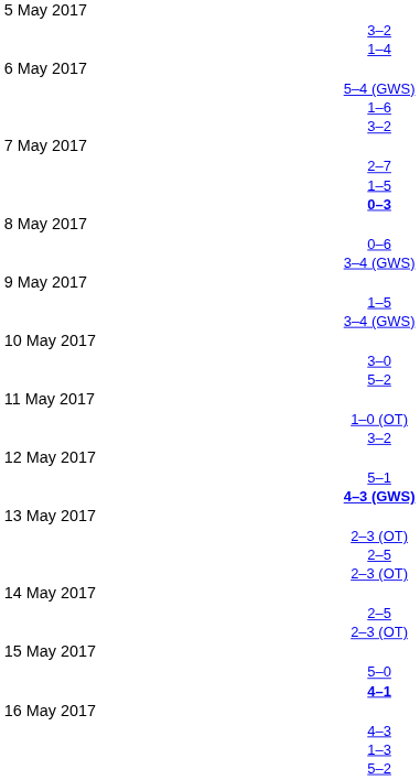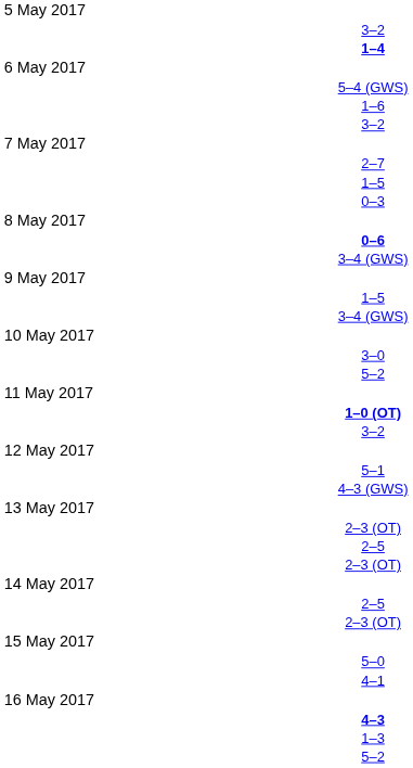 <table style="width:100%;" cellspacing="1">
 <tr>
 <th width=25%></th>
 <th width=2%></th>
 <th width=6%></th>
 <th width=2%></th>
 <th width=25%></th>
 </tr>
 <tr>
 <td>5 May 2017</td>
 </tr>
 <tr style=font-size:90%>
 <td align=right></td>
 <td></td>
 <td align=center><a href='#'>3–2</a></td>
 <td></td>
 <td></td>
 <td></td>
 </tr>
 <tr style=font-size:90%>
 <td align=right></td>
 <td></td>
-<td align=center><a href='#'>1–4</a></td>
+<td align=center><strong><a href='#'>1–4</a></strong></td>
 <td></td>
 <td></td>
 <td></td>
 </tr>
 <tr>
 <td>6 May 2017</td>
 </tr>
 <tr style=font-size:90%>
 <td align=right></td>
 <td></td>
 <td align=center><a href='#'>5–4 (GWS)</a></td>
 <td></td>
 <td></td>
 <td></td>
 </tr>
 <tr style=font-size:90%>
 <td align=right></td>
 <td></td>
 <td align=center><a href='#'>1–6</a></td>
 <td></td>
 <td></td>
 <td></td>
 </tr>
 <tr style=font-size:90%>
 <td align=right></td>
 <td></td>
 <td align=center><a href='#'>3–2</a></td>
 <td></td>
 <td></td>
 <td></td>
 </tr>
 <tr>
 <td>7 May 2017</td>
 </tr>
 <tr style=font-size:90%>
 <td align=right></td>
 <td></td>
 <td align=center><a href='#'>2–7</a></td>
 <td></td>
 <td></td>
 <td></td>
 </tr>
 <tr style=font-size:90%>
 <td align=right></td>
 <td></td>
 <td align=center><a href='#'>1–5</a></td>
 <td></td>
 <td></td>
 <td></td>
 </tr>
 <tr style=font-size:90%>
 <td align=right></td>
 <td></td>
-<td align=center><strong><a href='#'>0–3</a></strong></td>
+<td align=center><a href='#'>0–3</a></td>
 <td></td>
 <td></td>
 <td></td>
 </tr>
 <tr>
 <td>8 May 2017</td>
 </tr>
 <tr style=font-size:90%>
 <td align=right></td>
 <td></td>
-<td align=center><a href='#'>0–6</a></td>
+<td align=center><strong><a href='#'>0–6</a></strong></td>
 <td></td>
 <td></td>
 <td></td>
 </tr>
 <tr style=font-size:90%>
 <td align=right></td>
 <td></td>
 <td align=center><a href='#'>3–4 (GWS)</a></td>
 <td></td>
 <td></td>
 <td></td>
 </tr>
 <tr>
 <td>9 May 2017</td>
 </tr>
 <tr style=font-size:90%>
 <td align=right></td>
 <td></td>
 <td align=center><a href='#'>1–5</a></td>
 <td></td>
 <td></td>
 <td></td>
 </tr>
 <tr style=font-size:90%>
 <td align=right></td>
 <td></td>
 <td align=center><a href='#'>3–4 (GWS)</a></td>
 <td></td>
 <td></td>
 <td></td>
 </tr>
 <tr>
 <td>10 May 2017</td>
 </tr>
 <tr style=font-size:90%>
 <td align=right></td>
 <td></td>
 <td align=center><a href='#'>3–0</a></td>
 <td></td>
 <td></td>
 <td></td>
 </tr>
 <tr style=font-size:90%>
 <td align=right></td>
 <td></td>
 <td align=center><a href='#'>5–2</a></td>
 <td></td>
 <td></td>
 <td></td>
 </tr>
 <tr>
 <td>11 May 2017</td>
 </tr>
 <tr style=font-size:90%>
 <td align=right></td>
 <td></td>
-<td align=center><a href='#'>1–0 (OT)</a></td>
+<td align=center><strong><a href='#'>1–0 (OT)</a></strong></td>
 <td></td>
 <td></td>
 <td></td>
 </tr>
 <tr style=font-size:90%>
 <td align=right></td>
 <td></td>
 <td align=center><a href='#'>3–2</a></td>
 <td></td>
 <td></td>
 <td></td>
 </tr>
 <tr>
 <td>12 May 2017</td>
 </tr>
 <tr style=font-size:90%>
 <td align=right></td>
 <td></td>
 <td align=center><a href='#'>5–1</a></td>
 <td></td>
 <td></td>
 <td></td>
 </tr>
 <tr style=font-size:90%>
 <td align=right></td>
 <td></td>
-<td align=center><strong><a href='#'>4–3 (GWS)</a></strong></td>
+<td align=center><a href='#'>4–3 (GWS)</a></td>
 <td></td>
 <td></td>
 <td></td>
 </tr>
 <tr>
 <td>13 May 2017</td>
 </tr>
 <tr style=font-size:90%>
 <td align=right></td>
 <td></td>
 <td align=center><a href='#'>2–3 (OT)</a></td>
 <td></td>
 <td></td>
 <td></td>
 </tr>
 <tr style=font-size:90%>
 <td align=right></td>
 <td></td>
 <td align=center><a href='#'>2–5</a></td>
 <td></td>
 <td></td>
 <td></td>
 </tr>
 <tr style=font-size:90%>
 <td align=right></td>
 <td></td>
 <td align=center><a href='#'>2–3 (OT)</a></td>
 <td></td>
 <td></td>
 <td></td>
 </tr>
 <tr>
 <td>14 May 2017</td>
 </tr>
 <tr style=font-size:90%>
 <td align=right></td>
 <td></td>
 <td align=center><a href='#'>2–5</a></td>
 <td></td>
 <td></td>
 <td></td>
 </tr>
 <tr style=font-size:90%>
 <td align=right></td>
 <td></td>
 <td align=center><a href='#'>2–3 (OT)</a></td>
 <td></td>
 <td></td>
 <td></td>
 </tr>
 <tr>
 <td>15 May 2017</td>
 </tr>
 <tr style=font-size:90%>
 <td align=right></td>
 <td></td>
 <td align=center><a href='#'>5–0</a></td>
 <td></td>
 <td></td>
 <td></td>
 </tr>
 <tr style=font-size:90%>
 <td align=right></td>
 <td></td>
-<td align=center><strong><a href='#'>4–1</a></strong></td>
+<td align=center><a href='#'>4–1</a></td>
 <td></td>
 <td></td>
 <td></td>
 </tr>
 <tr>
 <td>16 May 2017</td>
 </tr>
 <tr style=font-size:90%>
 <td align=right></td>
 <td></td>
-<td align=center><a href='#'>4–3</a></td>
+<td align=center><strong><a href='#'>4–3</a></strong></td>
 <td></td>
 <td></td>
 <td></td>
 </tr>
 <tr style=font-size:90%>
 <td align=right></td>
 <td></td>
 <td align=center><a href='#'>1–3</a></td>
 <td></td>
 <td></td>
 <td></td>
 </tr>
 <tr style=font-size:90%>
 <td align=right></td>
 <td></td>
 <td align=center><a href='#'>5–2</a></td>
 <td></td>
 <td></td>
 <td></td>
 </tr>
 </table>
